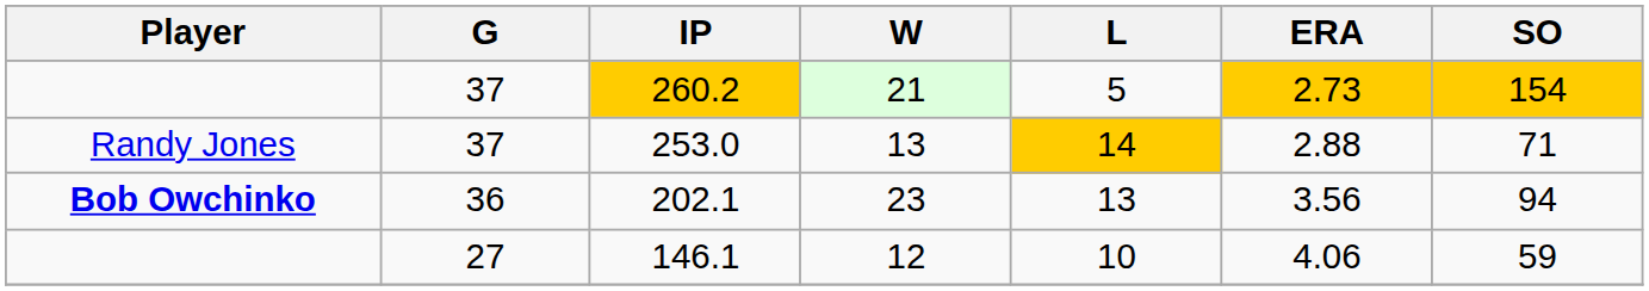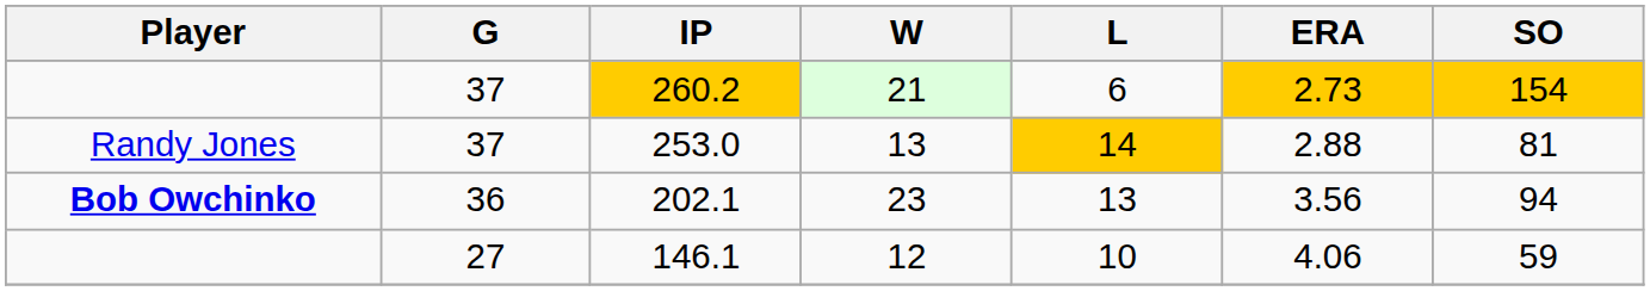 <table class="wikitable sortable">
 <tr>
 <th bgcolor="#DDDDFF" width="16%">Player</th>
 <th bgcolor="#DDDDFF" width="9%">G</th>
 <th bgcolor="#DDDDFF" width="9%">IP</th>
 <th bgcolor="#DDDDFF" width="9%">W</th>
 <th bgcolor="#DDDDFF" width="9%">L</th>
 <th bgcolor="#DDDDFF" width="9%">ERA</th>
 <th bgcolor="#DDDDFF" width="9%">SO</th>
 </tr>
 <tr align="center">
 <td></td>
 <td>37</td>
 <td style="background:#fc0;">260.2</td>
 <td style="background:#DDFFDD;">21</td>
-<td>5</td>
+<td>6</td>
 <td style="background:#fc0;">2.73</td>
 <td style="background:#fc0;">154</td>
 </tr>
 <tr align="center">
 <td><a href='#'>Randy Jones</a></td>
 <td>37</td>
 <td>253.0</td>
 <td>13</td>
 <td style="background:#fc0;">14</td>
 <td>2.88</td>
-<td>71</td>
+<td>81</td>
 </tr>
 <tr align="center">
 <td><strong><a href='#'>Bob Owchinko</a></strong></td>
 <td>36</td>
 <td>202.1</td>
 <td>23</td>
 <td>13</td>
 <td>3.56</td>
 <td>94</td>
 </tr>
 <tr align="center">
 <td></td>
 <td>27</td>
 <td>146.1</td>
 <td>12</td>
 <td>10</td>
 <td>4.06</td>
 <td>59</td>
 </tr>
 <tr align="center">
 </tr>
 </table>
